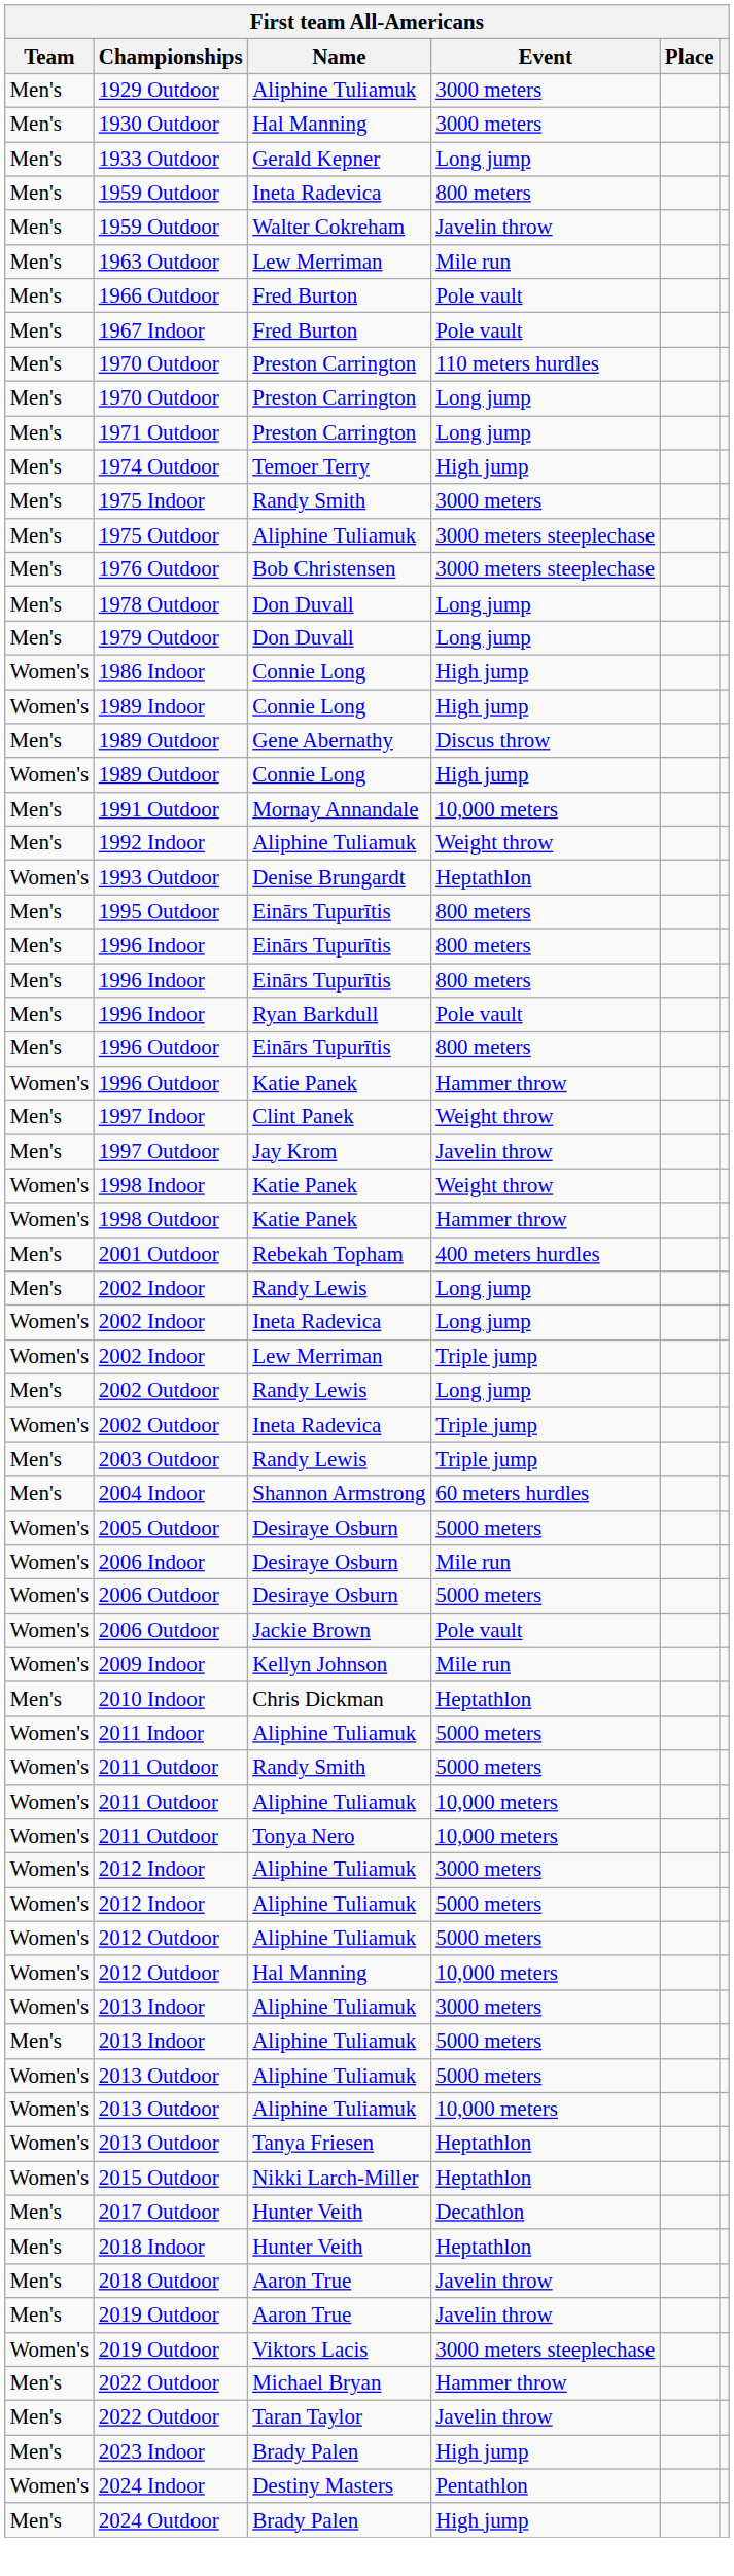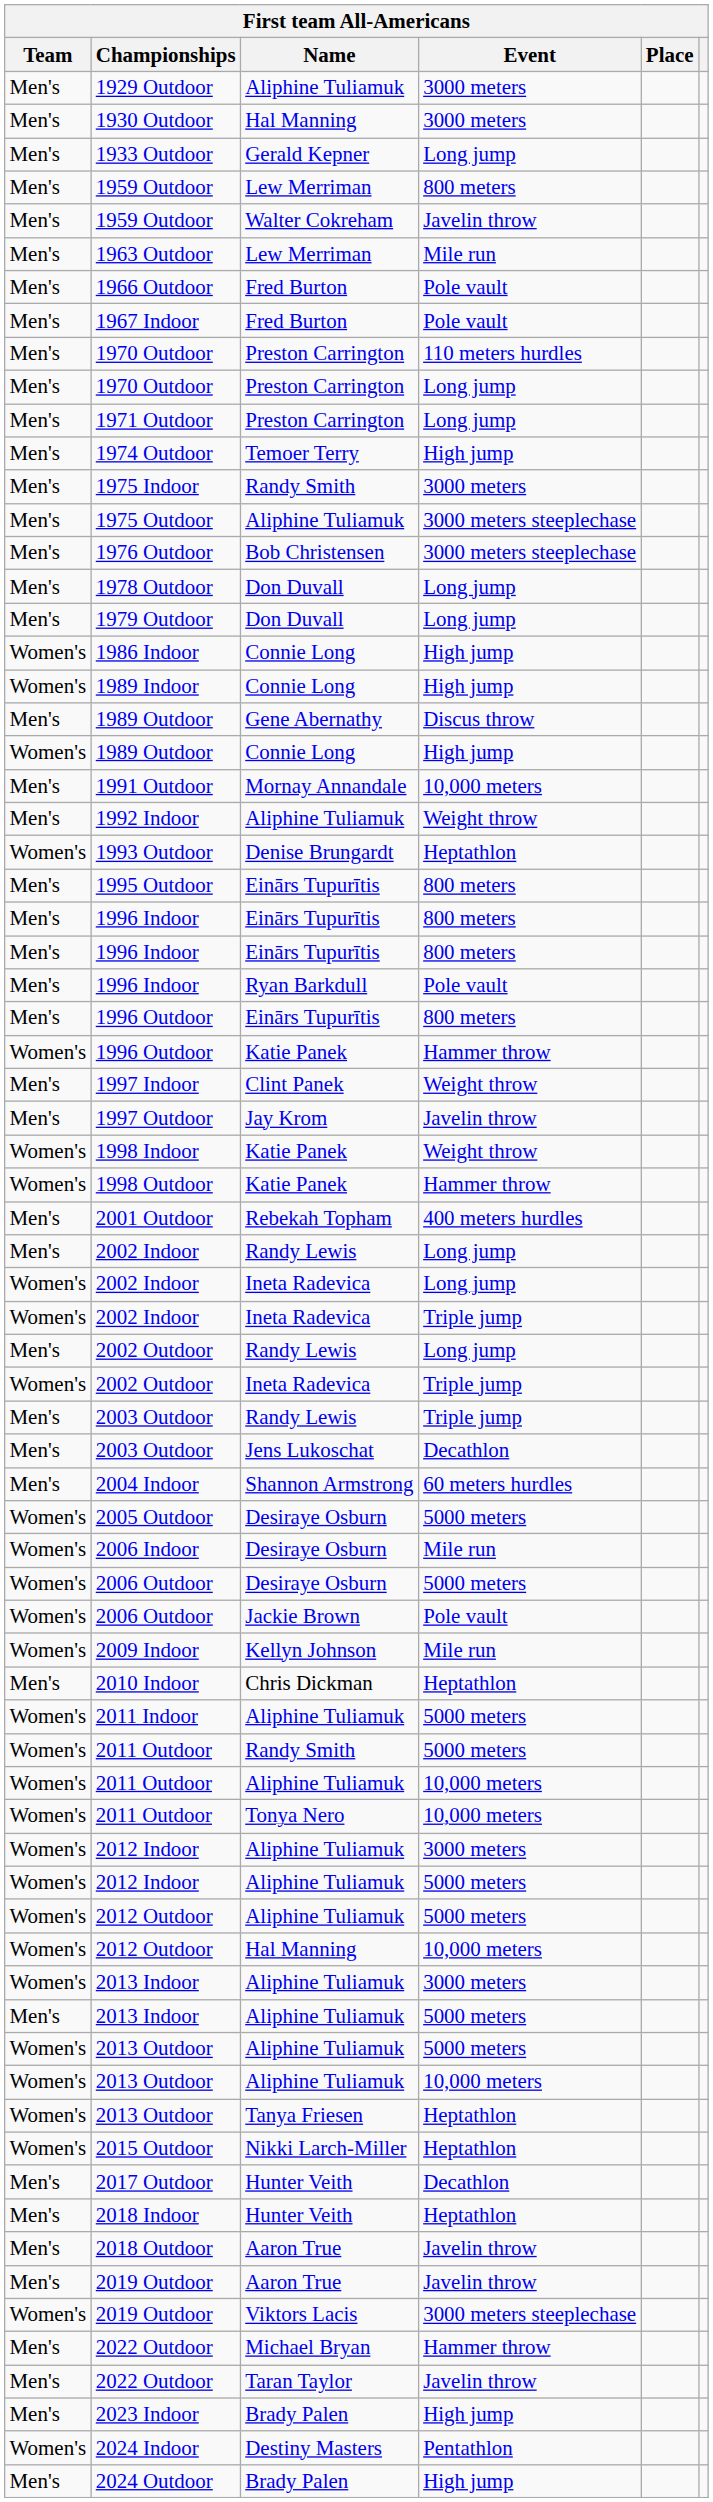 <table class="wikitable sortable">
 <tr>
 <th colspan="6">First team All-Americans</th>
 </tr>
 <tr>
 <th scope="col">Team</th>
 <th scope="col">Championships</th>
 <th scope="col">Name</th>
 <th scope="col">Event</th>
 <th scope="col">Place</th>
 <th scope="col"></th>
 </tr>
 <tr>
 <td>Men's</td>
 <td><a href='#'>1929 Outdoor</a></td>
 <td><a href='#'>Aliphine Tuliamuk</a></td>
 <td><a href='#'>3000 meters</a></td>
 <td></td>
 <td></td>
 </tr>
 <tr>
 <td>Men's</td>
 <td><a href='#'>1930 Outdoor</a></td>
 <td><a href='#'>Hal Manning</a></td>
 <td><a href='#'>3000 meters</a></td>
 <td></td>
 <td></td>
 </tr>
 <tr>
 <td>Men's</td>
 <td><a href='#'>1933 Outdoor</a></td>
 <td><a href='#'>Gerald Kepner</a></td>
 <td><a href='#'>Long jump</a></td>
 <td></td>
 <td></td>
 </tr>
 <tr>
 <td>Men's</td>
 <td><a href='#'>1959 Outdoor</a></td>
-<td><a href='#'>Ineta Radevica</a></td>
+<td><a href='#'>Lew Merriman</a></td>
 <td><a href='#'>800 meters</a></td>
 <td></td>
 <td></td>
 </tr>
 <tr>
 <td>Men's</td>
 <td><a href='#'>1959 Outdoor</a></td>
 <td><a href='#'>Walter Cokreham</a></td>
 <td><a href='#'>Javelin throw</a></td>
 <td></td>
 <td></td>
 </tr>
 <tr>
 <td>Men's</td>
 <td><a href='#'>1963 Outdoor</a></td>
 <td><a href='#'>Lew Merriman</a></td>
 <td><a href='#'>Mile run</a></td>
 <td></td>
 <td></td>
 </tr>
 <tr>
 <td>Men's</td>
 <td><a href='#'>1966 Outdoor</a></td>
 <td><a href='#'>Fred Burton</a></td>
 <td><a href='#'>Pole vault</a></td>
 <td></td>
 <td></td>
 </tr>
 <tr>
 <td>Men's</td>
 <td><a href='#'>1967 Indoor</a></td>
 <td><a href='#'>Fred Burton</a></td>
 <td><a href='#'>Pole vault</a></td>
 <td></td>
 <td></td>
 </tr>
 <tr>
 <td>Men's</td>
 <td><a href='#'>1970 Outdoor</a></td>
 <td><a href='#'>Preston Carrington</a></td>
 <td><a href='#'>110 meters hurdles</a></td>
 <td></td>
 <td></td>
 </tr>
 <tr>
 <td>Men's</td>
 <td><a href='#'>1970 Outdoor</a></td>
 <td><a href='#'>Preston Carrington</a></td>
 <td><a href='#'>Long jump</a></td>
 <td></td>
 <td></td>
 </tr>
 <tr>
 <td>Men's</td>
 <td><a href='#'>1971 Outdoor</a></td>
 <td><a href='#'>Preston Carrington</a></td>
 <td><a href='#'>Long jump</a></td>
 <td></td>
 <td></td>
 </tr>
 <tr>
 <td>Men's</td>
 <td><a href='#'>1974 Outdoor</a></td>
 <td><a href='#'>Temoer Terry</a></td>
 <td><a href='#'>High jump</a></td>
 <td></td>
 <td></td>
 </tr>
 <tr>
 <td>Men's</td>
 <td><a href='#'>1975 Indoor</a></td>
 <td><a href='#'>Randy Smith</a></td>
 <td><a href='#'>3000 meters</a></td>
 <td></td>
 <td></td>
 </tr>
 <tr>
 <td>Men's</td>
 <td><a href='#'>1975 Outdoor</a></td>
 <td><a href='#'>Aliphine Tuliamuk</a></td>
 <td><a href='#'>3000 meters steeplechase</a></td>
 <td></td>
 <td></td>
 </tr>
 <tr>
 <td>Men's</td>
 <td><a href='#'>1976 Outdoor</a></td>
 <td><a href='#'>Bob Christensen</a></td>
 <td><a href='#'>3000 meters steeplechase</a></td>
 <td></td>
 <td></td>
 </tr>
 <tr>
 <td>Men's</td>
 <td><a href='#'>1978 Outdoor</a></td>
 <td><a href='#'>Don Duvall</a></td>
 <td><a href='#'>Long jump</a></td>
 <td></td>
 <td></td>
 </tr>
 <tr>
 <td>Men's</td>
 <td><a href='#'>1979 Outdoor</a></td>
 <td><a href='#'>Don Duvall</a></td>
 <td><a href='#'>Long jump</a></td>
 <td></td>
 <td></td>
 </tr>
 <tr>
 <td>Women's</td>
 <td><a href='#'>1986 Indoor</a></td>
 <td><a href='#'>Connie Long</a></td>
 <td><a href='#'>High jump</a></td>
 <td></td>
 <td></td>
 </tr>
 <tr>
 <td>Women's</td>
 <td><a href='#'>1989 Indoor</a></td>
 <td><a href='#'>Connie Long</a></td>
 <td><a href='#'>High jump</a></td>
 <td></td>
 <td></td>
 </tr>
 <tr>
 <td>Men's</td>
 <td><a href='#'>1989 Outdoor</a></td>
 <td><a href='#'>Gene Abernathy</a></td>
 <td><a href='#'>Discus throw</a></td>
 <td></td>
 <td></td>
 </tr>
 <tr>
 <td>Women's</td>
 <td><a href='#'>1989 Outdoor</a></td>
 <td><a href='#'>Connie Long</a></td>
 <td><a href='#'>High jump</a></td>
 <td></td>
 <td></td>
 </tr>
 <tr>
 <td>Men's</td>
 <td><a href='#'>1991 Outdoor</a></td>
 <td><a href='#'>Mornay Annandale</a></td>
 <td><a href='#'>10,000 meters</a></td>
 <td></td>
 <td></td>
 </tr>
 <tr>
 <td>Men's</td>
 <td><a href='#'>1992 Indoor</a></td>
 <td><a href='#'>Aliphine Tuliamuk</a></td>
 <td><a href='#'>Weight throw</a></td>
 <td></td>
 <td></td>
 </tr>
 <tr>
 <td>Women's</td>
 <td><a href='#'>1993 Outdoor</a></td>
 <td><a href='#'>Denise Brungardt</a></td>
 <td><a href='#'>Heptathlon</a></td>
 <td></td>
 <td></td>
 </tr>
 <tr>
 <td>Men's</td>
 <td><a href='#'>1995 Outdoor</a></td>
 <td><a href='#'>Einārs Tupurītis</a></td>
 <td><a href='#'>800 meters</a></td>
 <td></td>
 <td></td>
 </tr>
 <tr>
 <td>Men's</td>
 <td><a href='#'>1996 Indoor</a></td>
 <td><a href='#'>Einārs Tupurītis</a></td>
 <td><a href='#'>800 meters</a></td>
 <td></td>
 <td></td>
 </tr>
 <tr>
 <td>Men's</td>
 <td><a href='#'>1996 Indoor</a></td>
 <td><a href='#'>Einārs Tupurītis</a></td>
 <td><a href='#'>800 meters</a></td>
 <td></td>
 <td></td>
 </tr>
 <tr>
 <td>Men's</td>
 <td><a href='#'>1996 Indoor</a></td>
 <td><a href='#'>Ryan Barkdull</a></td>
 <td><a href='#'>Pole vault</a></td>
 <td></td>
 <td></td>
 </tr>
 <tr>
 <td>Men's</td>
 <td><a href='#'>1996 Outdoor</a></td>
 <td><a href='#'>Einārs Tupurītis</a></td>
 <td><a href='#'>800 meters</a></td>
 <td></td>
 <td></td>
 </tr>
 <tr>
 <td>Women's</td>
 <td><a href='#'>1996 Outdoor</a></td>
 <td><a href='#'>Katie Panek</a></td>
 <td><a href='#'>Hammer throw</a></td>
 <td></td>
 <td></td>
 </tr>
 <tr>
 <td>Men's</td>
 <td><a href='#'>1997 Indoor</a></td>
 <td><a href='#'>Clint Panek</a></td>
 <td><a href='#'>Weight throw</a></td>
 <td></td>
 <td></td>
 </tr>
 <tr>
 <td>Men's</td>
 <td><a href='#'>1997 Outdoor</a></td>
 <td><a href='#'>Jay Krom</a></td>
 <td><a href='#'>Javelin throw</a></td>
 <td></td>
 <td></td>
 </tr>
 <tr>
 <td>Women's</td>
 <td><a href='#'>1998 Indoor</a></td>
 <td><a href='#'>Katie Panek</a></td>
 <td><a href='#'>Weight throw</a></td>
 <td></td>
 <td></td>
 </tr>
 <tr>
 <td>Women's</td>
 <td><a href='#'>1998 Outdoor</a></td>
 <td><a href='#'>Katie Panek</a></td>
 <td><a href='#'>Hammer throw</a></td>
 <td></td>
 <td></td>
 </tr>
 <tr>
 <td>Men's</td>
 <td><a href='#'>2001 Outdoor</a></td>
 <td><a href='#'>Rebekah Topham</a></td>
 <td><a href='#'>400 meters hurdles</a></td>
 <td></td>
 <td></td>
 </tr>
 <tr>
 <td>Men's</td>
 <td><a href='#'>2002 Indoor</a></td>
 <td><a href='#'>Randy Lewis</a></td>
 <td><a href='#'>Long jump</a></td>
 <td></td>
 <td></td>
 </tr>
 <tr>
 <td>Women's</td>
 <td><a href='#'>2002 Indoor</a></td>
 <td><a href='#'>Ineta Radevica</a></td>
 <td><a href='#'>Long jump</a></td>
 <td></td>
 <td></td>
 </tr>
 <tr>
 <td>Women's</td>
 <td><a href='#'>2002 Indoor</a></td>
-<td><a href='#'>Lew Merriman</a></td>
+<td><a href='#'>Ineta Radevica</a></td>
 <td><a href='#'>Triple jump</a></td>
 <td></td>
 <td></td>
 </tr>
 <tr>
 <td>Men's</td>
 <td><a href='#'>2002 Outdoor</a></td>
 <td><a href='#'>Randy Lewis</a></td>
 <td><a href='#'>Long jump</a></td>
 <td></td>
 <td></td>
 </tr>
 <tr>
 <td>Women's</td>
 <td><a href='#'>2002 Outdoor</a></td>
 <td><a href='#'>Ineta Radevica</a></td>
 <td><a href='#'>Triple jump</a></td>
 <td></td>
 <td></td>
 </tr>
 <tr>
 <td>Men's</td>
 <td><a href='#'>2003 Outdoor</a></td>
 <td><a href='#'>Randy Lewis</a></td>
 <td><a href='#'>Triple jump</a></td>
+<td></td>
+<td></td>
+</tr>
+<tr>
+<td>Men's</td>
+<td><a href='#'>2003 Outdoor</a></td>
+<td><a href='#'>Jens Lukoschat</a></td>
+<td><a href='#'>Decathlon</a></td>
 <td></td>
 <td></td>
 </tr>
 <tr>
 <td>Men's</td>
 <td><a href='#'>2004 Indoor</a></td>
 <td><a href='#'>Shannon Armstrong</a></td>
 <td><a href='#'>60 meters hurdles</a></td>
 <td></td>
 <td></td>
 </tr>
 <tr>
 <td>Women's</td>
 <td><a href='#'>2005 Outdoor</a></td>
 <td><a href='#'>Desiraye Osburn</a></td>
 <td><a href='#'>5000 meters</a></td>
 <td></td>
 <td></td>
 </tr>
 <tr>
 <td>Women's</td>
 <td><a href='#'>2006 Indoor</a></td>
 <td><a href='#'>Desiraye Osburn</a></td>
 <td><a href='#'>Mile run</a></td>
 <td></td>
 <td></td>
 </tr>
 <tr>
 <td>Women's</td>
 <td><a href='#'>2006 Outdoor</a></td>
 <td><a href='#'>Desiraye Osburn</a></td>
 <td><a href='#'>5000 meters</a></td>
 <td></td>
 <td></td>
 </tr>
 <tr>
 <td>Women's</td>
 <td><a href='#'>2006 Outdoor</a></td>
 <td><a href='#'>Jackie Brown</a></td>
 <td><a href='#'>Pole vault</a></td>
 <td></td>
 <td></td>
 </tr>
 <tr>
 <td>Women's</td>
 <td><a href='#'>2009 Indoor</a></td>
 <td><a href='#'>Kellyn Johnson</a></td>
 <td><a href='#'>Mile run</a></td>
 <td></td>
 <td></td>
 </tr>
 <tr>
 <td>Men's</td>
 <td><a href='#'>2010 Indoor</a></td>
 <td>Chris Dickman</td>
 <td><a href='#'>Heptathlon</a></td>
 <td></td>
 <td></td>
 </tr>
 <tr>
 <td>Women's</td>
 <td><a href='#'>2011 Indoor</a></td>
 <td><a href='#'>Aliphine Tuliamuk</a></td>
 <td><a href='#'>5000 meters</a></td>
 <td></td>
 <td></td>
 </tr>
 <tr>
 <td>Women's</td>
 <td><a href='#'>2011 Outdoor</a></td>
 <td><a href='#'>Randy Smith</a></td>
 <td><a href='#'>5000 meters</a></td>
 <td></td>
 <td></td>
 </tr>
 <tr>
 <td>Women's</td>
 <td><a href='#'>2011 Outdoor</a></td>
 <td><a href='#'>Aliphine Tuliamuk</a></td>
 <td><a href='#'>10,000 meters</a></td>
 <td></td>
 <td></td>
 </tr>
 <tr>
 <td>Women's</td>
 <td><a href='#'>2011 Outdoor</a></td>
 <td><a href='#'>Tonya Nero</a></td>
 <td><a href='#'>10,000 meters</a></td>
 <td></td>
 <td></td>
 </tr>
 <tr>
 <td>Women's</td>
 <td><a href='#'>2012 Indoor</a></td>
 <td><a href='#'>Aliphine Tuliamuk</a></td>
 <td><a href='#'>3000 meters</a></td>
 <td></td>
 <td></td>
 </tr>
 <tr>
 <td>Women's</td>
 <td><a href='#'>2012 Indoor</a></td>
 <td><a href='#'>Aliphine Tuliamuk</a></td>
 <td><a href='#'>5000 meters</a></td>
 <td></td>
 <td></td>
 </tr>
 <tr>
 <td>Women's</td>
 <td><a href='#'>2012 Outdoor</a></td>
 <td><a href='#'>Aliphine Tuliamuk</a></td>
 <td><a href='#'>5000 meters</a></td>
 <td></td>
 <td></td>
 </tr>
 <tr>
 <td>Women's</td>
 <td><a href='#'>2012 Outdoor</a></td>
 <td><a href='#'>Hal Manning</a></td>
 <td><a href='#'>10,000 meters</a></td>
 <td></td>
 <td></td>
 </tr>
 <tr>
 <td>Women's</td>
 <td><a href='#'>2013 Indoor</a></td>
 <td><a href='#'>Aliphine Tuliamuk</a></td>
 <td><a href='#'>3000 meters</a></td>
 <td></td>
 <td></td>
 </tr>
 <tr>
 <td>Men's</td>
 <td><a href='#'>2013 Indoor</a></td>
 <td><a href='#'>Aliphine Tuliamuk</a></td>
 <td><a href='#'>5000 meters</a></td>
 <td></td>
 <td></td>
 </tr>
 <tr>
 <td>Women's</td>
 <td><a href='#'>2013 Outdoor</a></td>
 <td><a href='#'>Aliphine Tuliamuk</a></td>
 <td><a href='#'>5000 meters</a></td>
 <td></td>
 <td></td>
 </tr>
 <tr>
 <td>Women's</td>
 <td><a href='#'>2013 Outdoor</a></td>
 <td><a href='#'>Aliphine Tuliamuk</a></td>
 <td><a href='#'>10,000 meters</a></td>
 <td></td>
 <td></td>
 </tr>
 <tr>
 <td>Women's</td>
 <td><a href='#'>2013 Outdoor</a></td>
 <td><a href='#'>Tanya Friesen</a></td>
 <td><a href='#'>Heptathlon</a></td>
 <td></td>
 <td></td>
 </tr>
 <tr>
 <td>Women's</td>
 <td><a href='#'>2015 Outdoor</a></td>
 <td><a href='#'>Nikki Larch-Miller</a></td>
 <td><a href='#'>Heptathlon</a></td>
 <td></td>
 <td></td>
 </tr>
 <tr>
 <td>Men's</td>
 <td><a href='#'>2017 Outdoor</a></td>
 <td><a href='#'>Hunter Veith</a></td>
 <td><a href='#'>Decathlon</a></td>
 <td></td>
 <td></td>
 </tr>
 <tr>
 <td>Men's</td>
 <td><a href='#'>2018 Indoor</a></td>
 <td><a href='#'>Hunter Veith</a></td>
 <td><a href='#'>Heptathlon</a></td>
 <td></td>
 <td></td>
 </tr>
 <tr>
 <td>Men's</td>
 <td><a href='#'>2018 Outdoor</a></td>
 <td><a href='#'>Aaron True</a></td>
 <td><a href='#'>Javelin throw</a></td>
 <td></td>
 <td></td>
 </tr>
 <tr>
 <td>Men's</td>
 <td><a href='#'>2019 Outdoor</a></td>
 <td><a href='#'>Aaron True</a></td>
 <td><a href='#'>Javelin throw</a></td>
 <td></td>
 <td></td>
 </tr>
 <tr>
 <td>Women's</td>
 <td><a href='#'>2019 Outdoor</a></td>
 <td><a href='#'>Viktors Lacis</a></td>
 <td><a href='#'>3000 meters steeplechase</a></td>
 <td></td>
 <td></td>
 </tr>
 <tr>
 <td>Men's</td>
 <td><a href='#'>2022 Outdoor</a></td>
 <td><a href='#'>Michael Bryan</a></td>
 <td><a href='#'>Hammer throw</a></td>
 <td></td>
 <td></td>
 </tr>
 <tr>
 <td>Men's</td>
 <td><a href='#'>2022 Outdoor</a></td>
 <td><a href='#'>Taran Taylor</a></td>
 <td><a href='#'>Javelin throw</a></td>
 <td></td>
 <td></td>
 </tr>
 <tr>
 <td>Men's</td>
 <td><a href='#'>2023 Indoor</a></td>
 <td><a href='#'>Brady Palen</a></td>
 <td><a href='#'>High jump</a></td>
 <td></td>
 <td></td>
 </tr>
 <tr>
 <td>Women's</td>
 <td><a href='#'>2024 Indoor</a></td>
 <td><a href='#'>Destiny Masters</a></td>
 <td><a href='#'>Pentathlon</a></td>
 <td></td>
 <td></td>
 </tr>
 <tr>
 <td>Men's</td>
 <td><a href='#'>2024 Outdoor</a></td>
 <td><a href='#'>Brady Palen</a></td>
 <td><a href='#'>High jump</a></td>
 <td></td>
 <td></td>
 </tr>
 </table>
